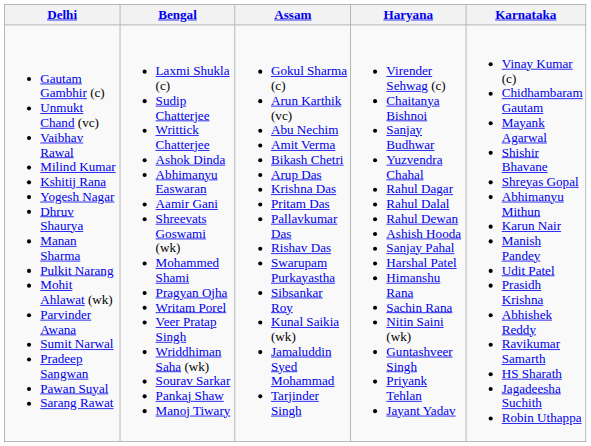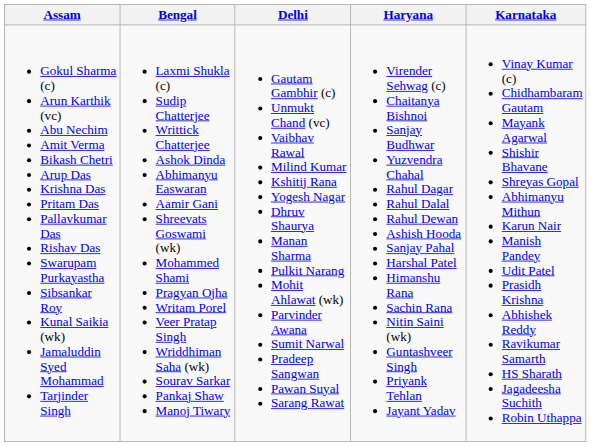 <table class="wikitable">
 <tr>
+<th style="width: 100pt;"><a href='#'>Assam</a></th>
+<th style="width: 100pt;"><a href='#'>Bengal</a></th>
 <th style="width: 100pt;"><a href='#'>Delhi</a></th>
-<th style="width: 100pt;"><a href='#'>Bengal</a></th>
-<th style="width: 100pt;"><a href='#'>Assam</a></th>
 <th style="width: 100pt;"><a href='#'>Haryana</a></th>
 <th style="width: 100pt;"><a href='#'>Karnataka</a></th>
 </tr>
 <tr>
+<td><br><ul><li><a href='#'>Gokul Sharma</a> (c)</li><li><a href='#'>Arun Karthik</a> (vc)</li><li><a href='#'>Abu Nechim</a></li><li><a href='#'>Amit Verma</a></li><li><a href='#'>Bikash Chetri</a></li><li><a href='#'>Arup Das</a></li><li><a href='#'>Krishna Das</a></li><li><a href='#'>Pritam Das</a></li><li><a href='#'>Pallavkumar Das</a></li><li><a href='#'>Rishav Das</a></li><li><a href='#'>Swarupam Purkayastha</a></li><li><a href='#'>Sibsankar Roy</a></li><li><a href='#'>Kunal Saikia</a> (wk)</li><li><a href='#'>Jamaluddin Syed Mohammad</a></li><li><a href='#'>Tarjinder Singh</a></li></ul></td>
+<td><br><ul><li><a href='#'>Laxmi Shukla</a> (c)</li><li><a href='#'>Sudip Chatterjee</a></li><li><a href='#'>Writtick Chatterjee</a></li><li><a href='#'>Ashok Dinda</a></li><li><a href='#'>Abhimanyu Easwaran</a></li><li><a href='#'>Aamir Gani</a></li><li><a href='#'>Shreevats Goswami</a> (wk)</li><li><a href='#'>Mohammed Shami</a></li><li><a href='#'>Pragyan Ojha</a></li><li><a href='#'>Writam Porel</a></li><li><a href='#'>Veer Pratap Singh</a></li><li><a href='#'>Wriddhiman Saha</a> (wk)</li><li><a href='#'>Sourav Sarkar</a></li><li><a href='#'>Pankaj Shaw</a></li><li><a href='#'>Manoj Tiwary</a></li></ul></td>
 <td><br><ul><li><a href='#'>Gautam Gambhir</a> (c)</li><li><a href='#'>Unmukt Chand</a> (vc)</li><li><a href='#'>Vaibhav Rawal</a></li><li><a href='#'>Milind Kumar</a></li><li><a href='#'>Kshitij Rana</a></li><li><a href='#'>Yogesh Nagar</a></li><li><a href='#'>Dhruv Shaurya</a></li><li><a href='#'>Manan Sharma</a></li><li><a href='#'>Pulkit Narang</a></li><li><a href='#'>Mohit Ahlawat</a> (wk)</li><li><a href='#'>Parvinder Awana</a></li><li><a href='#'>Sumit Narwal</a></li><li><a href='#'>Pradeep Sangwan</a></li><li><a href='#'>Pawan Suyal</a></li><li><a href='#'>Sarang Rawat</a></li></ul></td>
-<td><br><ul><li><a href='#'>Laxmi Shukla</a> (c)</li><li><a href='#'>Sudip Chatterjee</a></li><li><a href='#'>Writtick Chatterjee</a></li><li><a href='#'>Ashok Dinda</a></li><li><a href='#'>Abhimanyu Easwaran</a></li><li><a href='#'>Aamir Gani</a></li><li><a href='#'>Shreevats Goswami</a> (wk)</li><li><a href='#'>Mohammed Shami</a></li><li><a href='#'>Pragyan Ojha</a></li><li><a href='#'>Writam Porel</a></li><li><a href='#'>Veer Pratap Singh</a></li><li><a href='#'>Wriddhiman Saha</a> (wk)</li><li><a href='#'>Sourav Sarkar</a></li><li><a href='#'>Pankaj Shaw</a></li><li><a href='#'>Manoj Tiwary</a></li></ul></td>
-<td><br><ul><li><a href='#'>Gokul Sharma</a> (c)</li><li><a href='#'>Arun Karthik</a> (vc)</li><li><a href='#'>Abu Nechim</a></li><li><a href='#'>Amit Verma</a></li><li><a href='#'>Bikash Chetri</a></li><li><a href='#'>Arup Das</a></li><li><a href='#'>Krishna Das</a></li><li><a href='#'>Pritam Das</a></li><li><a href='#'>Pallavkumar Das</a></li><li><a href='#'>Rishav Das</a></li><li><a href='#'>Swarupam Purkayastha</a></li><li><a href='#'>Sibsankar Roy</a></li><li><a href='#'>Kunal Saikia</a> (wk)</li><li><a href='#'>Jamaluddin Syed Mohammad</a></li><li><a href='#'>Tarjinder Singh</a></li></ul></td>
 <td><br><ul><li><a href='#'>Virender Sehwag</a> (c)</li><li><a href='#'>Chaitanya Bishnoi</a></li><li><a href='#'>Sanjay Budhwar</a></li><li><a href='#'>Yuzvendra Chahal</a></li><li><a href='#'>Rahul Dagar</a></li><li><a href='#'>Rahul Dalal</a></li><li><a href='#'>Rahul Dewan</a></li><li><a href='#'>Ashish Hooda</a></li><li><a href='#'>Sanjay Pahal</a></li><li><a href='#'>Harshal Patel</a></li><li><a href='#'>Himanshu Rana</a></li><li><a href='#'>Sachin Rana</a></li><li><a href='#'>Nitin Saini</a> (wk)</li><li><a href='#'>Guntashveer Singh</a></li><li><a href='#'>Priyank Tehlan</a></li><li><a href='#'>Jayant Yadav</a></li></ul></td>
 <td><br><ul><li><a href='#'>Vinay Kumar</a> (c)</li><li><a href='#'>Chidhambaram Gautam</a></li><li><a href='#'>Mayank Agarwal</a></li><li><a href='#'>Shishir Bhavane</a></li><li><a href='#'>Shreyas Gopal</a></li><li><a href='#'>Abhimanyu Mithun</a></li><li><a href='#'>Karun Nair</a></li><li><a href='#'>Manish Pandey</a></li><li><a href='#'>Udit Patel</a></li><li><a href='#'>Prasidh Krishna</a></li><li><a href='#'>Abhishek Reddy</a></li><li><a href='#'>Ravikumar Samarth</a></li><li><a href='#'>HS Sharath</a></li><li><a href='#'>Jagadeesha Suchith</a></li><li><a href='#'>Robin Uthappa</a></li></ul></td>
 </tr>
 </table>
